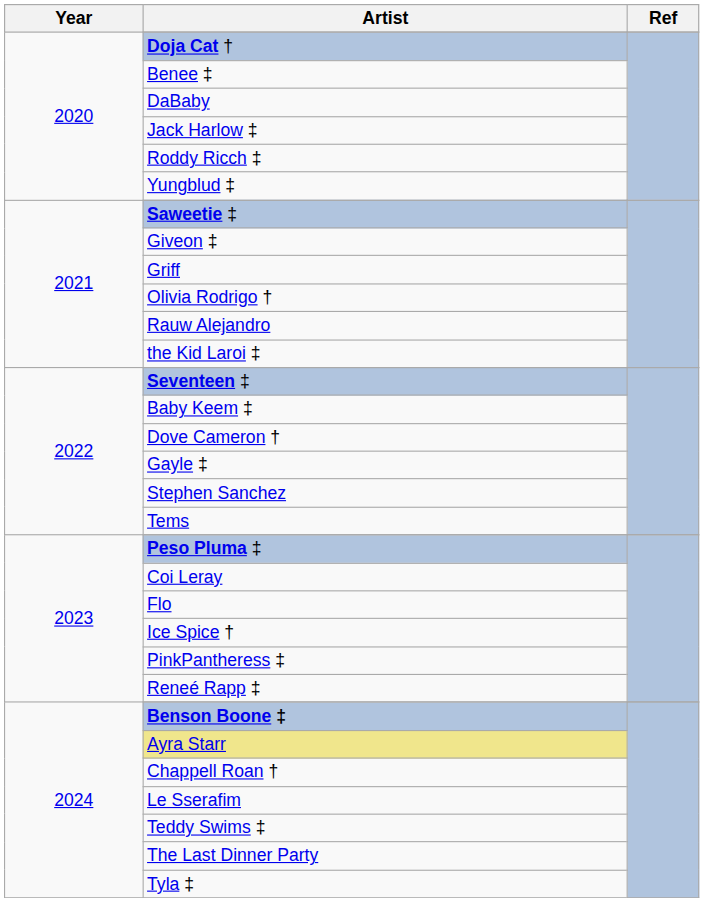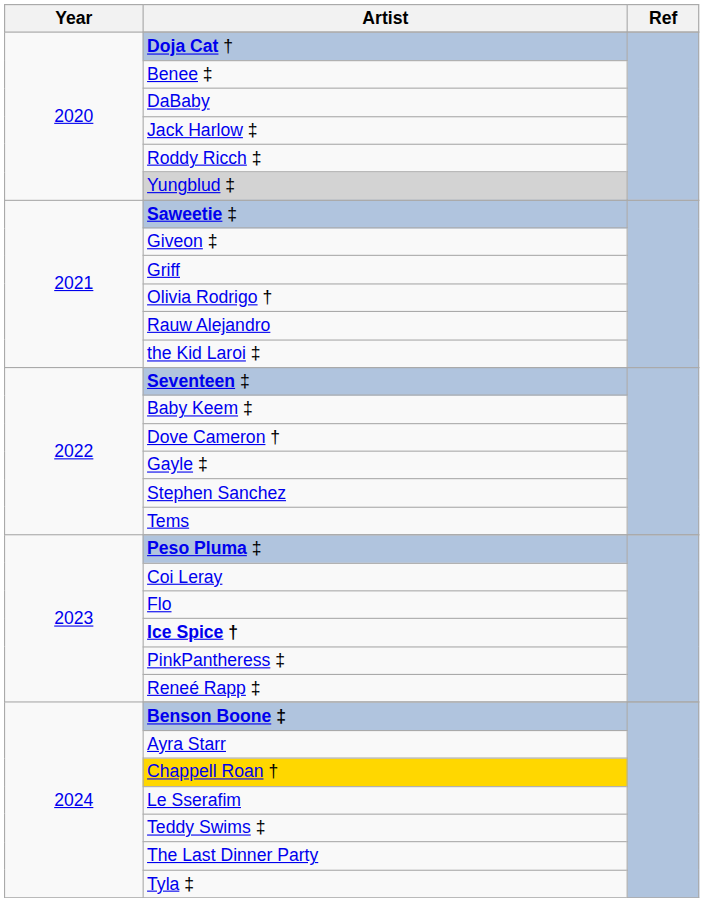 <table class="wikitable" style="width:50%;">
 <tr style="background:#bebebe;">
 <th style="width:10%;">Year</th>
 <th style="width:35%;">Artist</th>
 <th style="width:5%;">Ref</th>
 </tr>
 <tr>
 <td rowspan="7" align="center"><a href='#'>2020</a></td>
 </tr>
 <tr style="background:#B0C4DE">
 <td><strong><a href='#'>Doja Cat</a></strong> †</td>
 <td rowspan="6" align="center"></td>
 </tr>
 <tr>
 <td><a href='#'>Benee</a> ‡</td>
 </tr>
 <tr>
 <td><a href='#'>DaBaby</a></td>
 </tr>
 <tr>
 <td><a href='#'>Jack Harlow</a> ‡</td>
 </tr>
 <tr>
 <td><a href='#'>Roddy Ricch</a> ‡</td>
 </tr>
 <tr>
-<td><a href='#'>Yungblud</a> ‡</td>
+<td style="background: lightgrey;"><a href='#'>Yungblud</a> ‡</td>
 </tr>
 <tr>
 <td rowspan="7" align="center"><a href='#'>2021</a></td>
 </tr>
 <tr style="background:#B0C4DE">
 <td><strong><a href='#'>Saweetie</a></strong> ‡</td>
 <td rowspan="6" align="center"></td>
 </tr>
 <tr>
 <td><a href='#'>Giveon</a> ‡</td>
 </tr>
 <tr>
 <td><a href='#'>Griff</a></td>
 </tr>
 <tr>
 <td><a href='#'>Olivia Rodrigo</a> †</td>
 </tr>
 <tr>
 <td><a href='#'>Rauw Alejandro</a></td>
 </tr>
 <tr>
 <td><a href='#'>the Kid Laroi</a> ‡</td>
 </tr>
 <tr>
 <td rowspan="7" align="center"><a href='#'>2022</a></td>
 </tr>
 <tr style="background:#B0C4DE">
 <td><strong><a href='#'>Seventeen</a></strong> ‡</td>
 <td rowspan="6" align="center"></td>
 </tr>
 <tr>
 <td><a href='#'>Baby Keem</a> ‡</td>
 </tr>
 <tr>
 <td><a href='#'>Dove Cameron</a> †</td>
 </tr>
 <tr>
 <td><a href='#'>Gayle</a> ‡</td>
 </tr>
 <tr>
 <td><a href='#'>Stephen Sanchez</a></td>
 </tr>
 <tr>
 <td><a href='#'>Tems</a></td>
 </tr>
 <tr>
 <td rowspan="7" align="center"><a href='#'>2023</a></td>
 </tr>
 <tr style="background:#B0C4DE">
 <td><strong><a href='#'>Peso Pluma</a></strong> ‡</td>
 <td rowspan="6" align="center"></td>
 </tr>
 <tr>
 <td><a href='#'>Coi Leray</a></td>
 </tr>
 <tr>
 <td><a href='#'>Flo</a></td>
 </tr>
 <tr>
-<td><a href='#'>Ice Spice</a> †</td>
+<td><strong><a href='#'>Ice Spice</a> †</strong></td>
 </tr>
 <tr>
 <td><a href='#'>PinkPantheress</a> ‡</td>
 </tr>
 <tr>
 <td><a href='#'>Reneé Rapp</a> ‡</td>
 </tr>
 <tr>
 <td rowspan="8" align="center"><a href='#'>2024</a></td>
 </tr>
 <tr style="background:#B0C4DE">
 <td><strong><a href='#'>Benson Boone</a> ‡</strong></td>
 <td rowspan="8" align="center" style="background:#B0C4DE"></td>
 </tr>
 <tr>
-<td style="background: khaki;"><a href='#'>Ayra Starr</a></td>
+<td><a href='#'>Ayra Starr</a></td>
 </tr>
 <tr>
-<td><a href='#'>Chappell Roan</a> †</td>
+<td style="background: gold;"><a href='#'>Chappell Roan</a> †</td>
 </tr>
 <tr>
 <td><a href='#'>Le Sserafim</a></td>
 </tr>
 <tr>
 <td><a href='#'>Teddy Swims</a> ‡</td>
 </tr>
 <tr>
 <td><a href='#'>The Last Dinner Party</a></td>
 </tr>
 <tr>
 <td><a href='#'>Tyla</a> ‡</td>
 </tr>
 </table>
